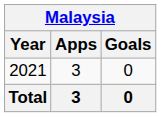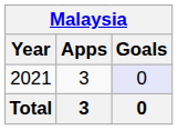 <table class="wikitable" style="text-align:center">
 <tr>
 <th colspan=3><a href='#'>Malaysia</a></th>
 </tr>
 <tr>
 <th>Year</th>
 <th>Apps</th>
 <th>Goals</th>
 </tr>
 <tr>
 <td>2021</td>
 <td>3</td>
-<td>0</td>
+<td style="background: lavender;">0</td>
 </tr>
 <tr>
 <th>Total</th>
 <th>3</th>
 <th>0</th>
 </tr>
 </table>
